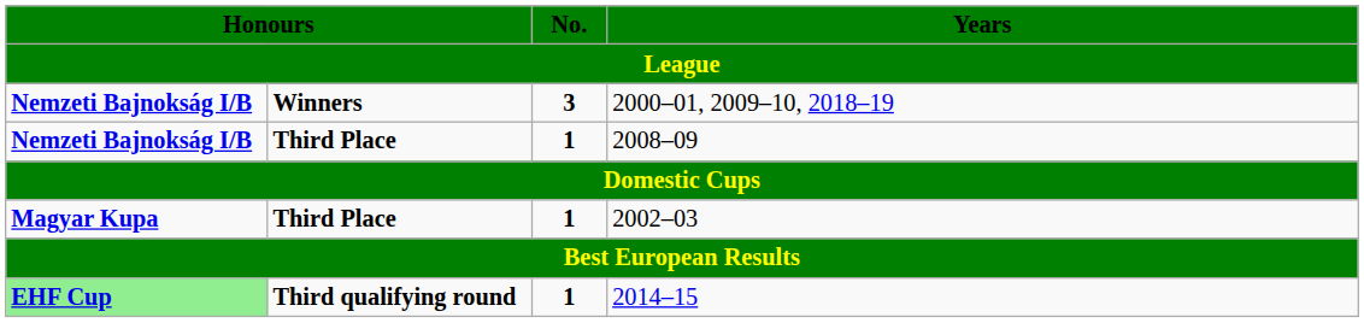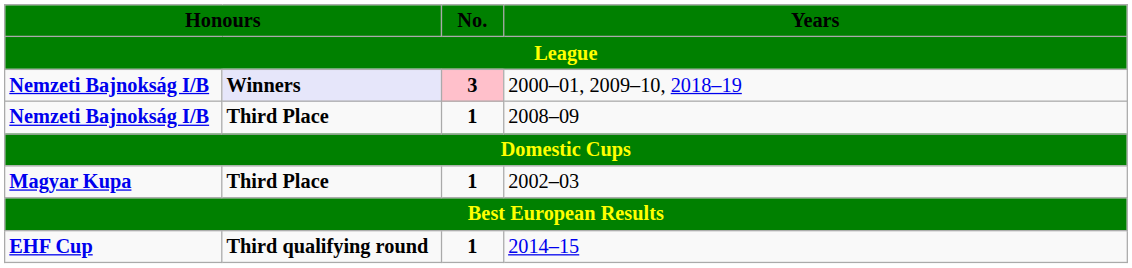 <table class="wikitable" width=70%>
 <tr>
 <th width=35% colspan=2 style="background:green;"><span>Honours</span></th>
 <th width=5% style="background:green;"><span>No.</span></th>
 <th width=50% style="background:green;"><span>Years</span></th>
 </tr>
 <tr>
 <th colspan="6" style="color:yellow; background:green"><strong>League</strong></th>
 </tr>
 <tr>
 <td><strong><a href='#'>Nemzeti Bajnokság I/B</a></strong></td>
-<td><strong>Winners</strong></td>
-<td align=center><strong>3</strong></td>
+<td style="background: lavender;"><strong>Winners</strong></td>
+<td align=center style="background: pink;"><strong>3</strong></td>
 <td>2000–01, 2009–10, <a href='#'>2018–19</a></td>
 </tr>
 <tr>
 <td><strong><a href='#'>Nemzeti Bajnokság I/B</a></strong></td>
 <td><strong>Third Place</strong></td>
 <td align=center><strong>1</strong></td>
 <td>2008–09</td>
 </tr>
 <tr>
 <th colspan="6" style="color:yellow; background:green"><strong>Domestic Cups</strong></th>
 </tr>
 <tr>
 <td><strong><a href='#'>Magyar Kupa</a></strong></td>
 <td><strong>Third Place</strong></td>
 <td align=center><strong>1</strong></td>
 <td>2002–03</td>
 </tr>
 <tr>
 <th colspan="6" style="color:yellow; background:green"><strong>Best European Results</strong></th>
 </tr>
 <tr>
-<td style="background: lightgreen;"><strong><a href='#'>EHF Cup</a></strong></td>
+<td><strong><a href='#'>EHF Cup</a></strong></td>
 <td><strong>Third qualifying round</strong></td>
 <td align=center><strong>1</strong></td>
 <td><a href='#'>2014–15</a></td>
 </tr>
 </table>
